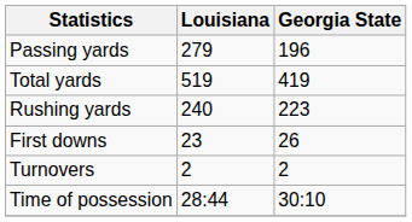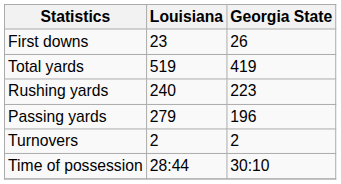 <table class="wikitable">
 <tr>
 <th>Statistics</th>
 <th>Louisiana</th>
 <th>Georgia State</th>
 </tr>
 <tr>
-<td>Passing yards</td>
-<td>279</td>
-<td>196</td>
+<td>First downs</td>
+<td>23</td>
+<td>26</td>
 </tr>
 <tr>
 <td>Total yards</td>
 <td>519</td>
 <td>419</td>
 </tr>
 <tr>
 <td>Rushing yards</td>
 <td>240</td>
 <td>223</td>
 </tr>
 <tr>
-<td>First downs</td>
-<td>23</td>
-<td>26</td>
+<td>Passing yards</td>
+<td>279</td>
+<td>196</td>
 </tr>
 <tr>
 <td>Turnovers</td>
 <td>2</td>
 <td>2</td>
 </tr>
 <tr>
 <td>Time of possession</td>
 <td>28:44</td>
 <td>30:10</td>
 </tr>
 <tr>
 </tr>
 </table>
